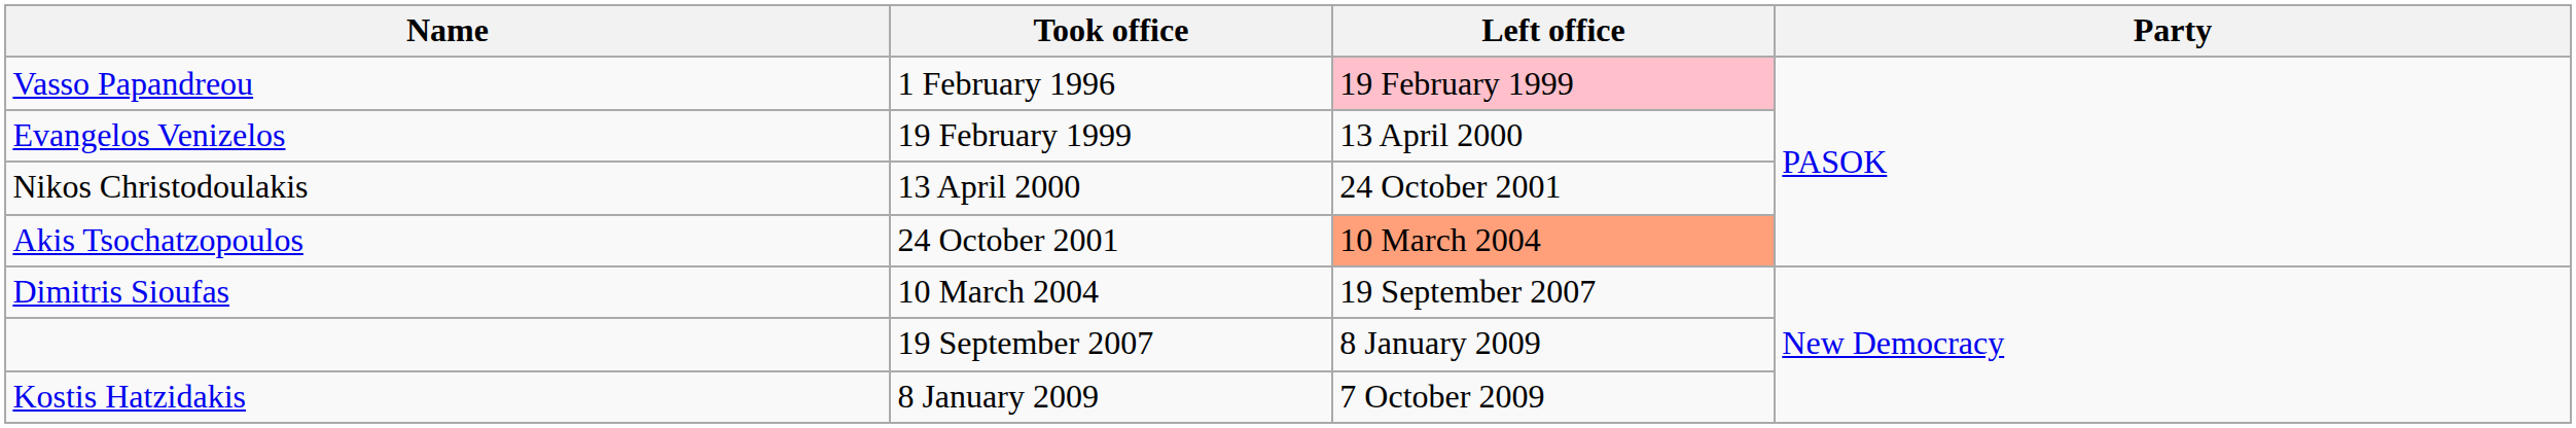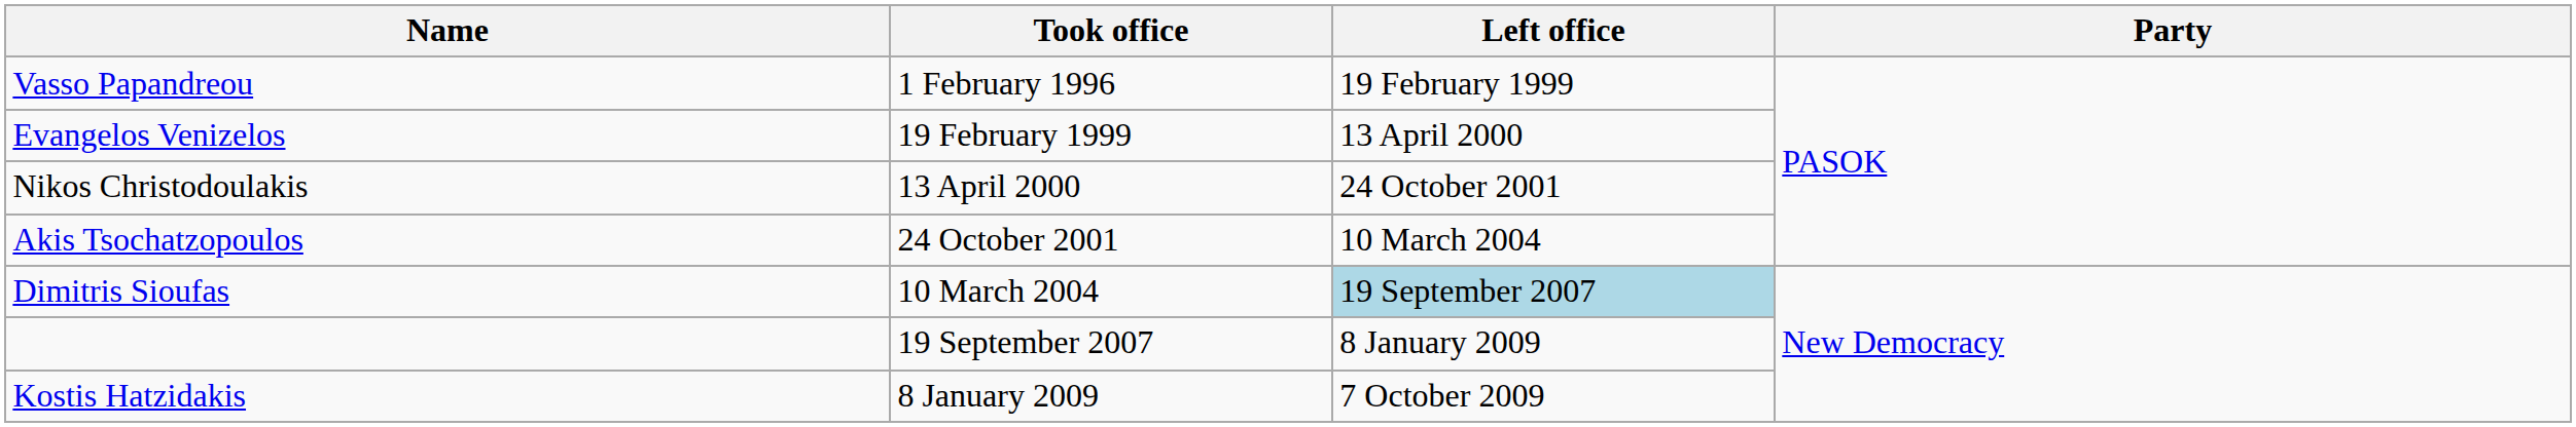 <table class="wikitable">
 <tr>
 <th width="20%">Name</th>
 <th width="10%">Took office</th>
 <th width="10%">Left office</th>
 <th width="18%">Party</th>
 </tr>
 <tr>
 <td><a href='#'>Vasso Papandreou</a></td>
 <td>1 February 1996</td>
-<td style="background: pink;">19 February 1999</td>
+<td>19 February 1999</td>
 <td rowspan=4><a href='#'>PASOK</a></td>
 </tr>
 <tr>
 <td><a href='#'>Evangelos Venizelos</a></td>
 <td>19 February 1999</td>
 <td>13 April 2000</td>
 </tr>
 <tr>
 <td>Nikos Christodoulakis</td>
 <td>13 April 2000</td>
 <td>24 October 2001</td>
 </tr>
 <tr>
 <td><a href='#'>Akis Tsochatzopoulos</a></td>
 <td>24 October 2001</td>
-<td style="background: lightsalmon;">10 March 2004</td>
+<td>10 March 2004</td>
 </tr>
 <tr>
 <td><a href='#'>Dimitris Sioufas</a></td>
 <td>10 March 2004</td>
-<td>19 September 2007</td>
+<td style="background: lightblue;">19 September 2007</td>
 <td rowspan=3><a href='#'>New Democracy</a></td>
 </tr>
 <tr>
 <td></td>
 <td>19 September 2007</td>
 <td>8 January 2009</td>
 </tr>
 <tr>
 <td><a href='#'>Kostis Hatzidakis</a></td>
 <td>8 January 2009</td>
 <td>7 October 2009</td>
 </tr>
 <tr>
 </tr>
 </table>
